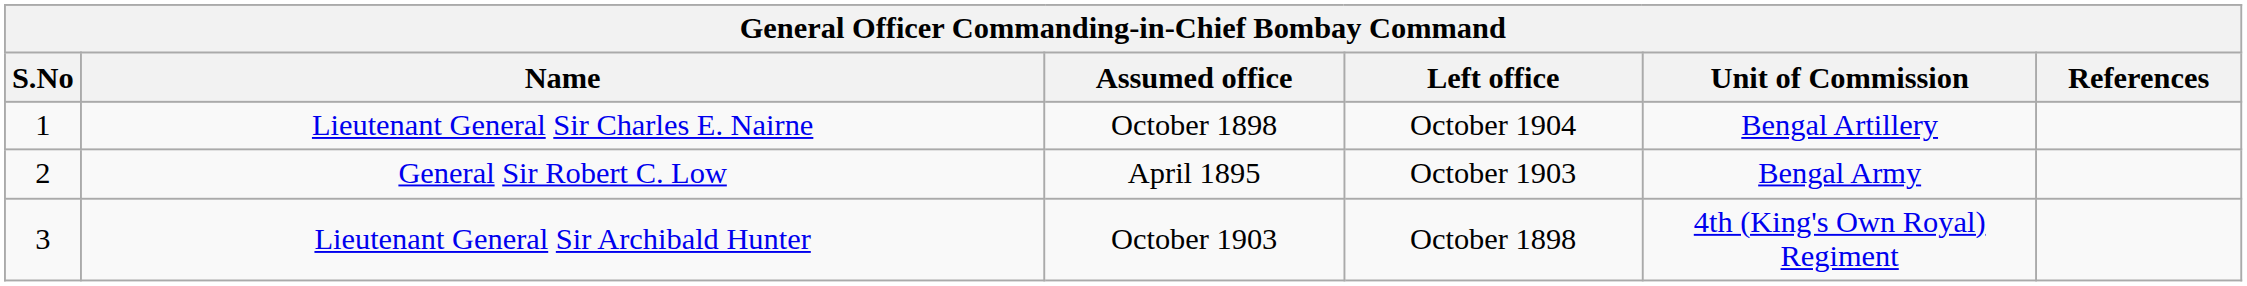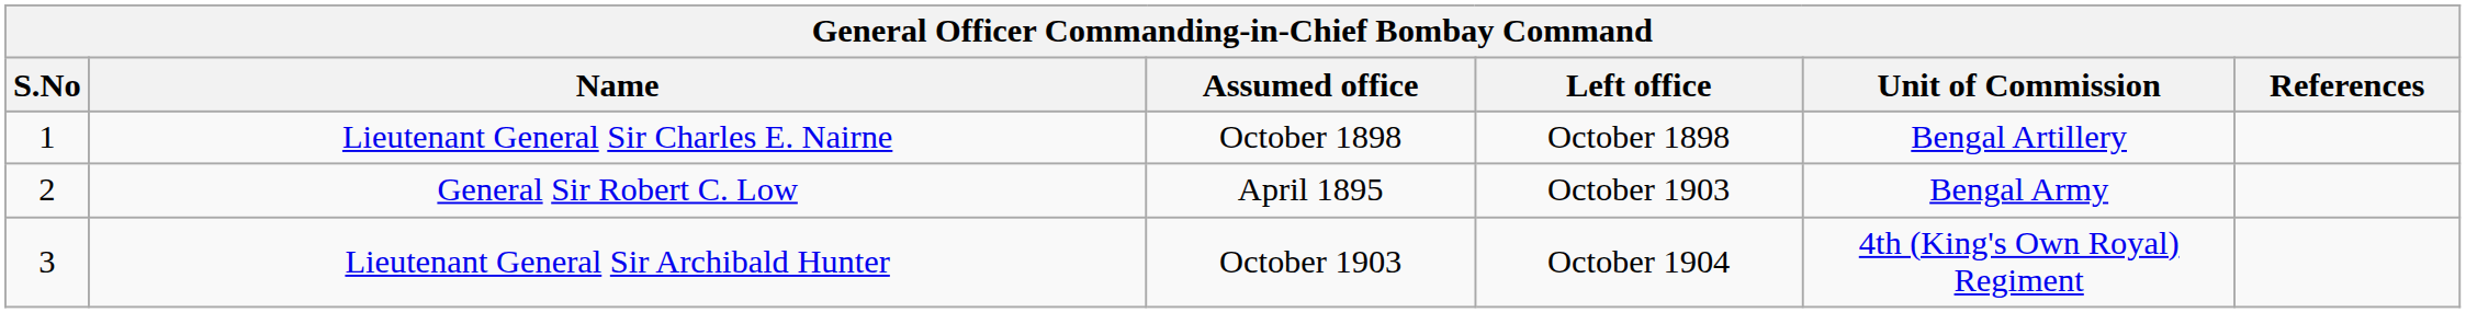 <table class="wikitable sortable" style="text-align:center">
 <tr>
 <th colspan="6"><strong>General Officer Commanding-in-Chief Bombay Command</strong></th>
 </tr>
 <tr style="background:#cccccc">
 <th scope="col" style="width: 20px;">S.No</th>
 <th scope="col" style="width: 500px;">Name</th>
 <th scope="col" style="width: 150px;">Assumed office</th>
 <th scope="col" style="width: 150px;">Left office</th>
 <th scope="col" style="width: 200px;">Unit of Commission</th>
 <th scope="col" style="width: 100px;">References</th>
 </tr>
 <tr>
 <td>1</td>
 <td><a href='#'>Lieutenant General</a> <a href='#'>Sir Charles E. Nairne</a> </td>
 <td>October 1898</td>
-<td>October 1904</td>
+<td>October 1898</td>
 <td><a href='#'>Bengal Artillery</a></td>
 <td></td>
 </tr>
 <tr>
 <td>2</td>
 <td><a href='#'>General</a> <a href='#'>Sir Robert C. Low</a> </td>
 <td>April 1895</td>
 <td>October 1903</td>
 <td><a href='#'>Bengal Army</a></td>
 <td></td>
 </tr>
 <tr>
 <td>3</td>
 <td><a href='#'>Lieutenant General</a> <a href='#'>Sir Archibald Hunter</a> </td>
 <td>October 1903</td>
-<td>October 1898</td>
+<td>October 1904</td>
 <td><a href='#'>4th (King's Own Royal) Regiment</a></td>
 <td></td>
 </tr>
 </table>
